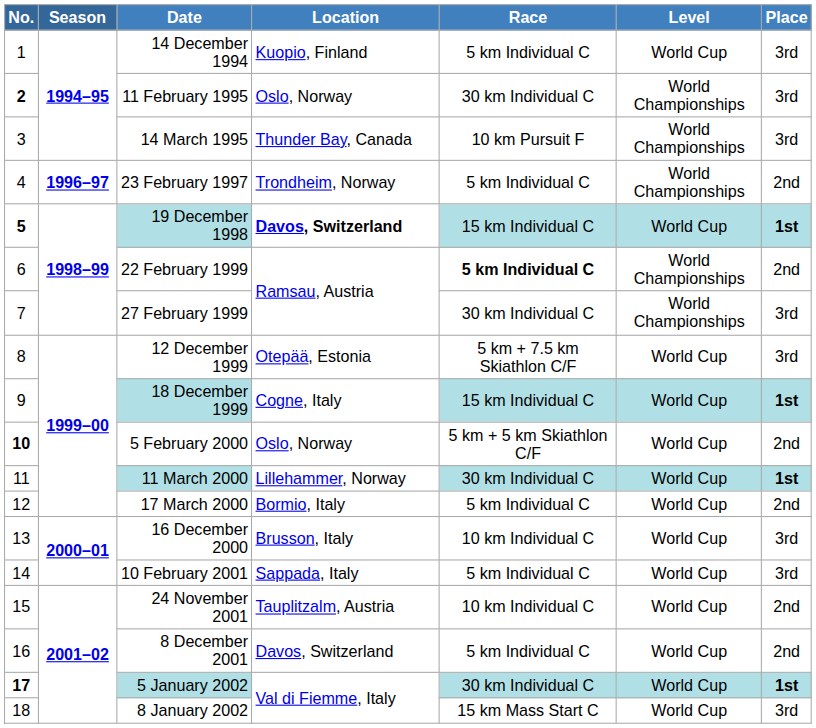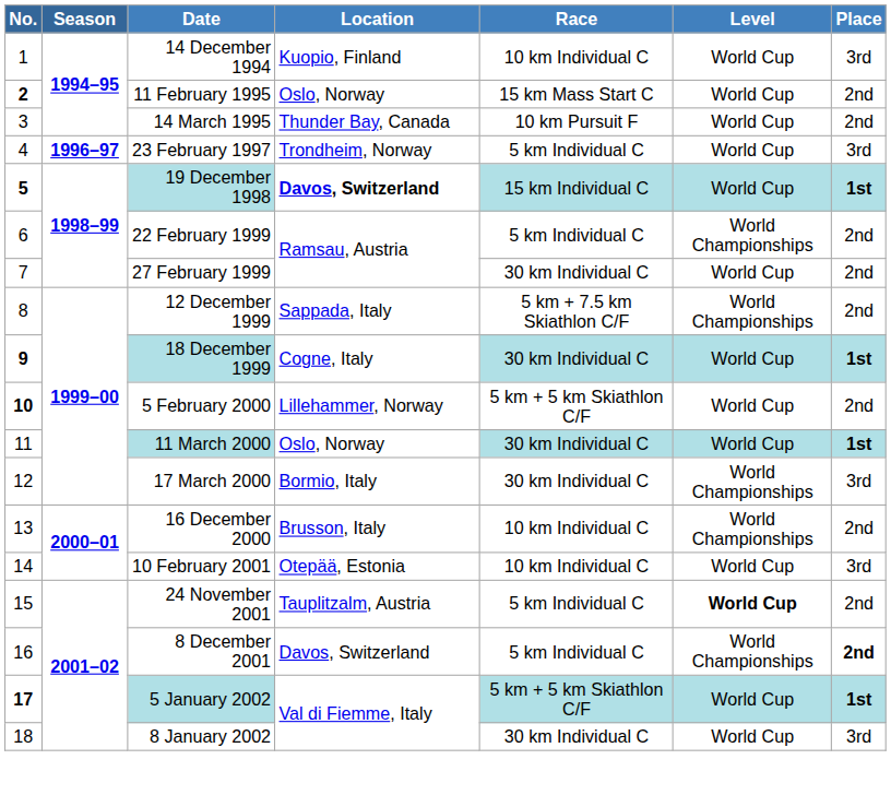 <table class="wikitable sortable" style="font-size:95%; text-align:center; border:grey solid 1px; border-collapse:collapse; background:#ffffff;">
 <tr style="background:#efefef;">
 <th style="background-color:#369; color:white;">No.</th>
 <th style="background-color:#369; color:white;">Season</th>
 <th style="background-color:#4180be; color:white; width:120px;">Date</th>
 <th style="background-color:#4180be; color:white; width:170px;">Location</th>
 <th style="background-color:#4180be; color:white; width:160px;">Race</th>
 <th style="background-color:#4180be; color:white; width:130px;">Level</th>
 <th style="background-color:#4180be; color:white;">Place</th>
 </tr>
 <tr>
 <td align=center>1</td>
 <td rowspan=3 align=center><strong> <a href='#'>1994–95</a> </strong></td>
 <td align=right>14 December 1994</td>
 <td align=left> <a href='#'>Kuopio</a>, Finland</td>
-<td>5 km Individual C</td>
+<td>10 km Individual C</td>
 <td>World Cup</td>
 <td>3rd</td>
 </tr>
 <tr>
 <td align=center><strong>2</strong></td>
 <td align=right>11 February 1995</td>
 <td align=left> <a href='#'>Oslo</a>, Norway</td>
-<td>30 km Individual C</td>
-<td>World Championships</td>
-<td>3rd</td>
+<td>15 km Mass Start C</td>
+<td>World Cup</td>
+<td>2nd</td>
 </tr>
 <tr>
 <td align=center>3</td>
 <td align=right>14 March 1995</td>
 <td align=left> <a href='#'>Thunder Bay</a>, Canada</td>
 <td>10 km Pursuit F</td>
-<td>World Championships</td>
-<td>3rd</td>
+<td>World Cup</td>
+<td>2nd</td>
 </tr>
 <tr>
 <td align=center>4</td>
 <td rowspan=1 align=center><strong> <a href='#'>1996–97</a> </strong></td>
 <td align=right>23 February 1997</td>
 <td align=left> <a href='#'>Trondheim</a>, Norway</td>
 <td>5 km Individual C</td>
-<td>World Championships</td>
-<td>2nd</td>
+<td>World Cup</td>
+<td>3rd</td>
 </tr>
 <tr>
 <td align=center><strong>5</strong></td>
 <td rowspan=3 align=center><strong><a href='#'>1998–99</a></strong></td>
 <td bgcolor="#BOEOE6" align=right>19 December 1998</td>
 <td align=left><strong> <a href='#'>Davos</a>, Switzerland</strong></td>
 <td bgcolor="#BOEOE6">15 km Individual C</td>
 <td bgcolor="#BOEOE6">World Cup</td>
 <td bgcolor="#BOEOE6"><strong>1st</strong></td>
 </tr>
 <tr>
 <td align=center>6</td>
 <td align=right>22 February 1999</td>
 <td rowspan=2 align=left> <a href='#'>Ramsau</a>, Austria</td>
-<td><strong>5 km Individual C</strong></td>
+<td>5 km Individual C</td>
 <td>World Championships</td>
 <td>2nd</td>
 </tr>
 <tr>
 <td align=center>7</td>
 <td align=right>27 February 1999</td>
 <td>30 km Individual C</td>
-<td>World Championships</td>
-<td>3rd</td>
+<td>World Cup</td>
+<td>2nd</td>
 </tr>
 <tr>
 <td align=center>8</td>
 <td rowspan=5 align=center><strong> <a href='#'>1999–00</a> </strong></td>
 <td align=right>12 December 1999</td>
-<td align=left> <a href='#'>Otepää</a>, Estonia</td>
+<td align=left> <a href='#'>Sappada</a>, Italy</td>
 <td>5 km + 7.5 km Skiathlon C/F</td>
-<td>World Cup</td>
-<td>3rd</td>
+<td>World Championships</td>
+<td>2nd</td>
 </tr>
 <tr>
-<td align=center>9</td>
+<td align=center><strong>9</strong></td>
 <td bgcolor="#BOEOE6" align=right>18 December 1999</td>
 <td align=left> <a href='#'>Cogne</a>, Italy</td>
-<td bgcolor="#BOEOE6">15 km Individual C</td>
+<td bgcolor="#BOEOE6">30 km Individual C</td>
 <td bgcolor="#BOEOE6">World Cup</td>
 <td bgcolor="#BOEOE6"><strong>1st</strong></td>
 </tr>
 <tr>
 <td align=center><strong>10</strong></td>
 <td align=right>5 February 2000</td>
-<td align=left> <a href='#'>Oslo</a>, Norway</td>
+<td align=left> <a href='#'>Lillehammer</a>, Norway</td>
 <td>5 km + 5 km Skiathlon C/F</td>
 <td>World Cup</td>
 <td>2nd</td>
 </tr>
 <tr>
 <td align=center>11</td>
 <td bgcolor="#BOEOE6" align=right>11 March 2000</td>
-<td align=left> <a href='#'>Lillehammer</a>, Norway</td>
+<td align=left> <a href='#'>Oslo</a>, Norway</td>
 <td bgcolor="#BOEOE6">30 km Individual C</td>
 <td bgcolor="#BOEOE6">World Cup</td>
 <td bgcolor="#BOEOE6"><strong>1st</strong></td>
 </tr>
 <tr>
 <td align=center>12</td>
 <td align=right>17 March 2000</td>
 <td align=left> <a href='#'>Bormio</a>, Italy</td>
-<td>5 km Individual C</td>
-<td>World Cup</td>
-<td>2nd</td>
+<td>30 km Individual C</td>
+<td>World Championships</td>
+<td>3rd</td>
 </tr>
 <tr>
 <td align=center>13</td>
 <td rowspan=2 align=center><strong> <a href='#'>2000–01</a> </strong></td>
 <td align=right>16 December 2000</td>
 <td align=left> <a href='#'>Brusson</a>, Italy</td>
 <td>10 km Individual C</td>
-<td>World Cup</td>
-<td>3rd</td>
+<td>World Championships</td>
+<td>2nd</td>
 </tr>
 <tr>
 <td align=center>14</td>
 <td align=right>10 February 2001</td>
-<td align=left> <a href='#'>Sappada</a>, Italy</td>
-<td>5 km Individual C</td>
+<td align=left> <a href='#'>Otepää</a>, Estonia</td>
+<td>10 km Individual C</td>
 <td>World Cup</td>
 <td>3rd</td>
 </tr>
 <tr>
 <td align=center>15</td>
 <td rowspan=4 align=center><strong> <a href='#'>2001–02</a> </strong></td>
 <td align=right>24 November 2001</td>
 <td align=left> <a href='#'>Tauplitzalm</a>, Austria</td>
-<td>10 km Individual C</td>
-<td>World Cup</td>
+<td>5 km Individual C</td>
+<td><strong>World Cup</strong></td>
 <td>2nd</td>
 </tr>
 <tr>
 <td align=center>16</td>
 <td align=right>8 December 2001</td>
 <td align=left> <a href='#'>Davos</a>, Switzerland</td>
 <td>5 km Individual C</td>
-<td>World Cup</td>
-<td>2nd</td>
+<td>World Championships</td>
+<td><strong>2nd</strong></td>
 </tr>
 <tr>
 <td align=center><strong>17</strong></td>
 <td bgcolor="#BOEOE6" align=right>5 January 2002</td>
 <td rowspan=2 align=left> <a href='#'>Val di Fiemme</a>, Italy</td>
-<td bgcolor="#BOEOE6">30 km Individual C</td>
+<td bgcolor="#BOEOE6">5 km + 5 km Skiathlon C/F</td>
 <td bgcolor="#BOEOE6">World Cup</td>
 <td bgcolor="#BOEOE6"><strong>1st</strong></td>
 </tr>
 <tr>
 <td align=center>18</td>
 <td align=right>8 January 2002</td>
-<td>15 km Mass Start C</td>
+<td>30 km Individual C</td>
 <td>World Cup</td>
 <td>3rd</td>
 </tr>
 </table>
